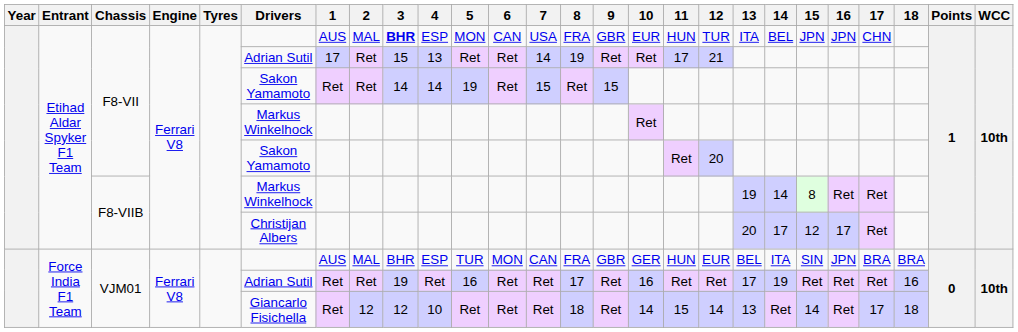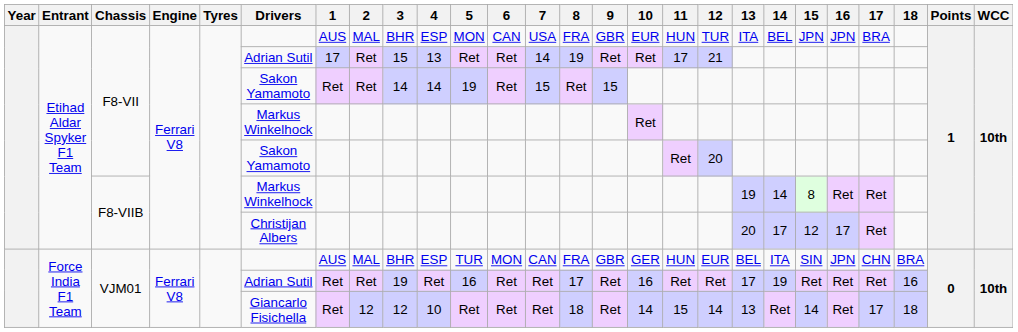 <table class="wikitable" style="text-align:center; font-size:95%">
 <tr>
 <th>Year</th>
 <th>Entrant</th>
 <th>Chassis</th>
 <th>Engine</th>
 <th>Tyres</th>
 <th>Drivers</th>
 <th>1</th>
 <th>2</th>
 <th>3</th>
 <th>4</th>
 <th>5</th>
 <th>6</th>
 <th>7</th>
 <th>8</th>
 <th>9</th>
 <th>10</th>
 <th>11</th>
 <th>12</th>
 <th>13</th>
 <th>14</th>
 <th>15</th>
 <th>16</th>
 <th>17</th>
 <th>18</th>
 <th>Points</th>
 <th>WCC</th>
 </tr>
 <tr>
 <th rowspan="7"></th>
 <td rowspan="7"><a href='#'>Etihad Aldar Spyker F1 Team</a></td>
 <td rowspan="5">F8-VII</td>
 <td rowspan="7"><a href='#'>Ferrari</a> <a href='#'>V8</a></td>
 <td rowspan="7"></td>
 <td></td>
 <td><a href='#'>AUS</a></td>
 <td><a href='#'>MAL</a></td>
-<td><strong><a href='#'>BHR</a></strong></td>
+<td><a href='#'>BHR</a></td>
 <td><a href='#'>ESP</a></td>
 <td><a href='#'>MON</a></td>
 <td><a href='#'>CAN</a></td>
 <td><a href='#'>USA</a></td>
 <td><a href='#'>FRA</a></td>
 <td><a href='#'>GBR</a></td>
 <td><a href='#'>EUR</a></td>
 <td><a href='#'>HUN</a></td>
 <td><a href='#'>TUR</a></td>
 <td><a href='#'>ITA</a></td>
 <td><a href='#'>BEL</a></td>
 <td><a href='#'>JPN</a></td>
 <td><a href='#'>JPN</a></td>
-<td><a href='#'>CHN</a></td>
+<td><a href='#'>BRA</a></td>
 <td></td>
 <th rowspan="7">1</th>
 <th rowspan="7">10th</th>
 </tr>
 <tr>
 <td> <a href='#'>Adrian Sutil</a></td>
 <td style="background:#CFCFFF;">17</td>
 <td style="background:#EFCFFF;">Ret</td>
 <td style="background:#CFCFFF;">15</td>
 <td style="background:#CFCFFF;">13</td>
 <td style="background:#EFCFFF;">Ret</td>
 <td style="background:#EFCFFF;">Ret</td>
 <td style="background:#CFCFFF;">14</td>
 <td style="background:#CFCFFF;">19</td>
 <td style="background:#EFCFFF;">Ret</td>
 <td style="background:#EFCFFF;">Ret</td>
 <td style="background:#CFCFFF;">17</td>
 <td style="background:#CFCFFF;">21</td>
 <td></td>
 <td></td>
 <td></td>
 <td></td>
 <td></td>
 <td></td>
 </tr>
 <tr>
 <td> <a href='#'>Sakon Yamamoto</a></td>
 <td style="background:#EFCFFF;">Ret</td>
 <td style="background:#EFCFFF;">Ret</td>
 <td style="background:#CFCFFF;">14</td>
 <td style="background:#CFCFFF;">14</td>
 <td style="background:#CFCFFF;">19</td>
 <td style="background:#EFCFFF;">Ret</td>
 <td style="background:#CFCFFF;">15</td>
 <td style="background:#EFCFFF;">Ret</td>
 <td style="background:#CFCFFF;">15</td>
 <td></td>
 <td></td>
 <td></td>
 <td></td>
 <td></td>
 <td></td>
 <td></td>
 <td></td>
 <td></td>
 </tr>
 <tr>
 <td> <a href='#'>Markus Winkelhock</a></td>
 <td></td>
 <td></td>
 <td></td>
 <td></td>
 <td></td>
 <td></td>
 <td></td>
 <td></td>
 <td></td>
 <td style="background:#EFCFFF;">Ret</td>
 <td></td>
 <td></td>
 <td></td>
 <td></td>
 <td></td>
 <td></td>
 <td></td>
 <td></td>
 </tr>
 <tr>
 <td> <a href='#'>Sakon Yamamoto</a></td>
 <td></td>
 <td></td>
 <td></td>
 <td></td>
 <td></td>
 <td></td>
 <td></td>
 <td></td>
 <td></td>
 <td></td>
 <td style="background:#EFCFFF;">Ret</td>
 <td style="background:#CFCFFF;">20</td>
 <td></td>
 <td></td>
 <td></td>
 <td></td>
 <td></td>
 <td></td>
 </tr>
 <tr>
 <td rowspan="2">F8-VIIB</td>
 <td> <a href='#'>Markus Winkelhock</a></td>
 <td></td>
 <td></td>
 <td></td>
 <td></td>
 <td></td>
 <td></td>
 <td></td>
 <td></td>
 <td></td>
 <td></td>
 <td></td>
 <td></td>
 <td style="background:#CFCFFF;">19</td>
 <td style="background:#CFCFFF;">14</td>
 <td style="background:#DFFFDF;">8</td>
 <td style="background:#EFCFFF;">Ret</td>
 <td style="background:#EFCFFF;">Ret</td>
 <td></td>
 </tr>
 <tr>
 <td> <a href='#'>Christijan Albers</a></td>
 <td></td>
 <td></td>
 <td></td>
 <td></td>
 <td></td>
 <td></td>
 <td></td>
 <td></td>
 <td></td>
 <td></td>
 <td></td>
 <td></td>
 <td style="background:#CFCFFF;">20</td>
 <td style="background:#CFCFFF;">17</td>
 <td style="background:#CFCFFF;">12</td>
 <td style="background:#CFCFFF;">17</td>
 <td style="background:#EFCFFF;">Ret</td>
 <td></td>
 </tr>
 <tr>
 <th rowspan="3"></th>
 <td rowspan="3"><a href='#'>Force India F1 Team</a></td>
 <td rowspan="3">VJM01</td>
 <td rowspan="3"><a href='#'>Ferrari</a> <a href='#'>V8</a></td>
 <td rowspan="3"></td>
 <td></td>
 <td><a href='#'>AUS</a></td>
 <td><a href='#'>MAL</a></td>
 <td><a href='#'>BHR</a></td>
 <td><a href='#'>ESP</a></td>
 <td><a href='#'>TUR</a></td>
 <td><a href='#'>MON</a></td>
 <td><a href='#'>CAN</a></td>
 <td><a href='#'>FRA</a></td>
 <td><a href='#'>GBR</a></td>
 <td><a href='#'>GER</a></td>
 <td><a href='#'>HUN</a></td>
 <td><a href='#'>EUR</a></td>
 <td><a href='#'>BEL</a></td>
 <td><a href='#'>ITA</a></td>
 <td><a href='#'>SIN</a></td>
 <td><a href='#'>JPN</a></td>
-<td><a href='#'>BRA</a></td>
+<td><a href='#'>CHN</a></td>
 <td><a href='#'>BRA</a></td>
 <th rowspan="3">0</th>
 <th rowspan="3">10th</th>
 </tr>
 <tr>
 <td> <a href='#'>Adrian Sutil</a></td>
 <td style="background:#EFCFFF;">Ret</td>
 <td style="background:#EFCFFF;">Ret</td>
 <td style="background:#CFCFFF;">19</td>
 <td style="background:#EFCFFF;">Ret</td>
 <td style="background:#CFCFFF;">16</td>
 <td style="background:#EFCFFF;">Ret</td>
 <td style="background:#EFCFFF;">Ret</td>
 <td style="background:#CFCFFF;">17</td>
 <td style="background:#EFCFFF;">Ret</td>
 <td style="background:#CFCFFF;">16</td>
 <td style="background:#EFCFFF;">Ret</td>
 <td style="background:#EFCFFF;">Ret</td>
 <td style="background:#CFCFFF;">17</td>
 <td style="background:#CFCFFF;">19</td>
 <td style="background:#EFCFFF;">Ret</td>
 <td style="background:#EFCFFF;">Ret</td>
 <td style="background:#EFCFFF;">Ret</td>
 <td style="background:#CFCFFF;">16</td>
 </tr>
 <tr>
 <td> <a href='#'>Giancarlo Fisichella</a></td>
 <td style="background:#EFCFFF;">Ret</td>
 <td style="background:#CFCFFF;">12</td>
 <td style="background:#CFCFFF;">12</td>
 <td style="background:#CFCFFF;">10</td>
 <td style="background:#EFCFFF;">Ret</td>
 <td style="background:#EFCFFF;">Ret</td>
 <td style="background:#EFCFFF;">Ret</td>
 <td style="background:#CFCFFF;">18</td>
 <td style="background:#EFCFFF;">Ret</td>
 <td style="background:#CFCFFF;">14</td>
 <td style="background:#CFCFFF;">15</td>
 <td style="background:#CFCFFF;">14</td>
 <td style="background:#CFCFFF;">13</td>
 <td style="background:#EFCFFF;">Ret</td>
 <td style="background:#CFCFFF;">14</td>
 <td style="background:#EFCFFF;">Ret</td>
 <td style="background:#CFCFFF;">17</td>
 <td style="background:#CFCFFF;">18</td>
 </tr>
 </table>
